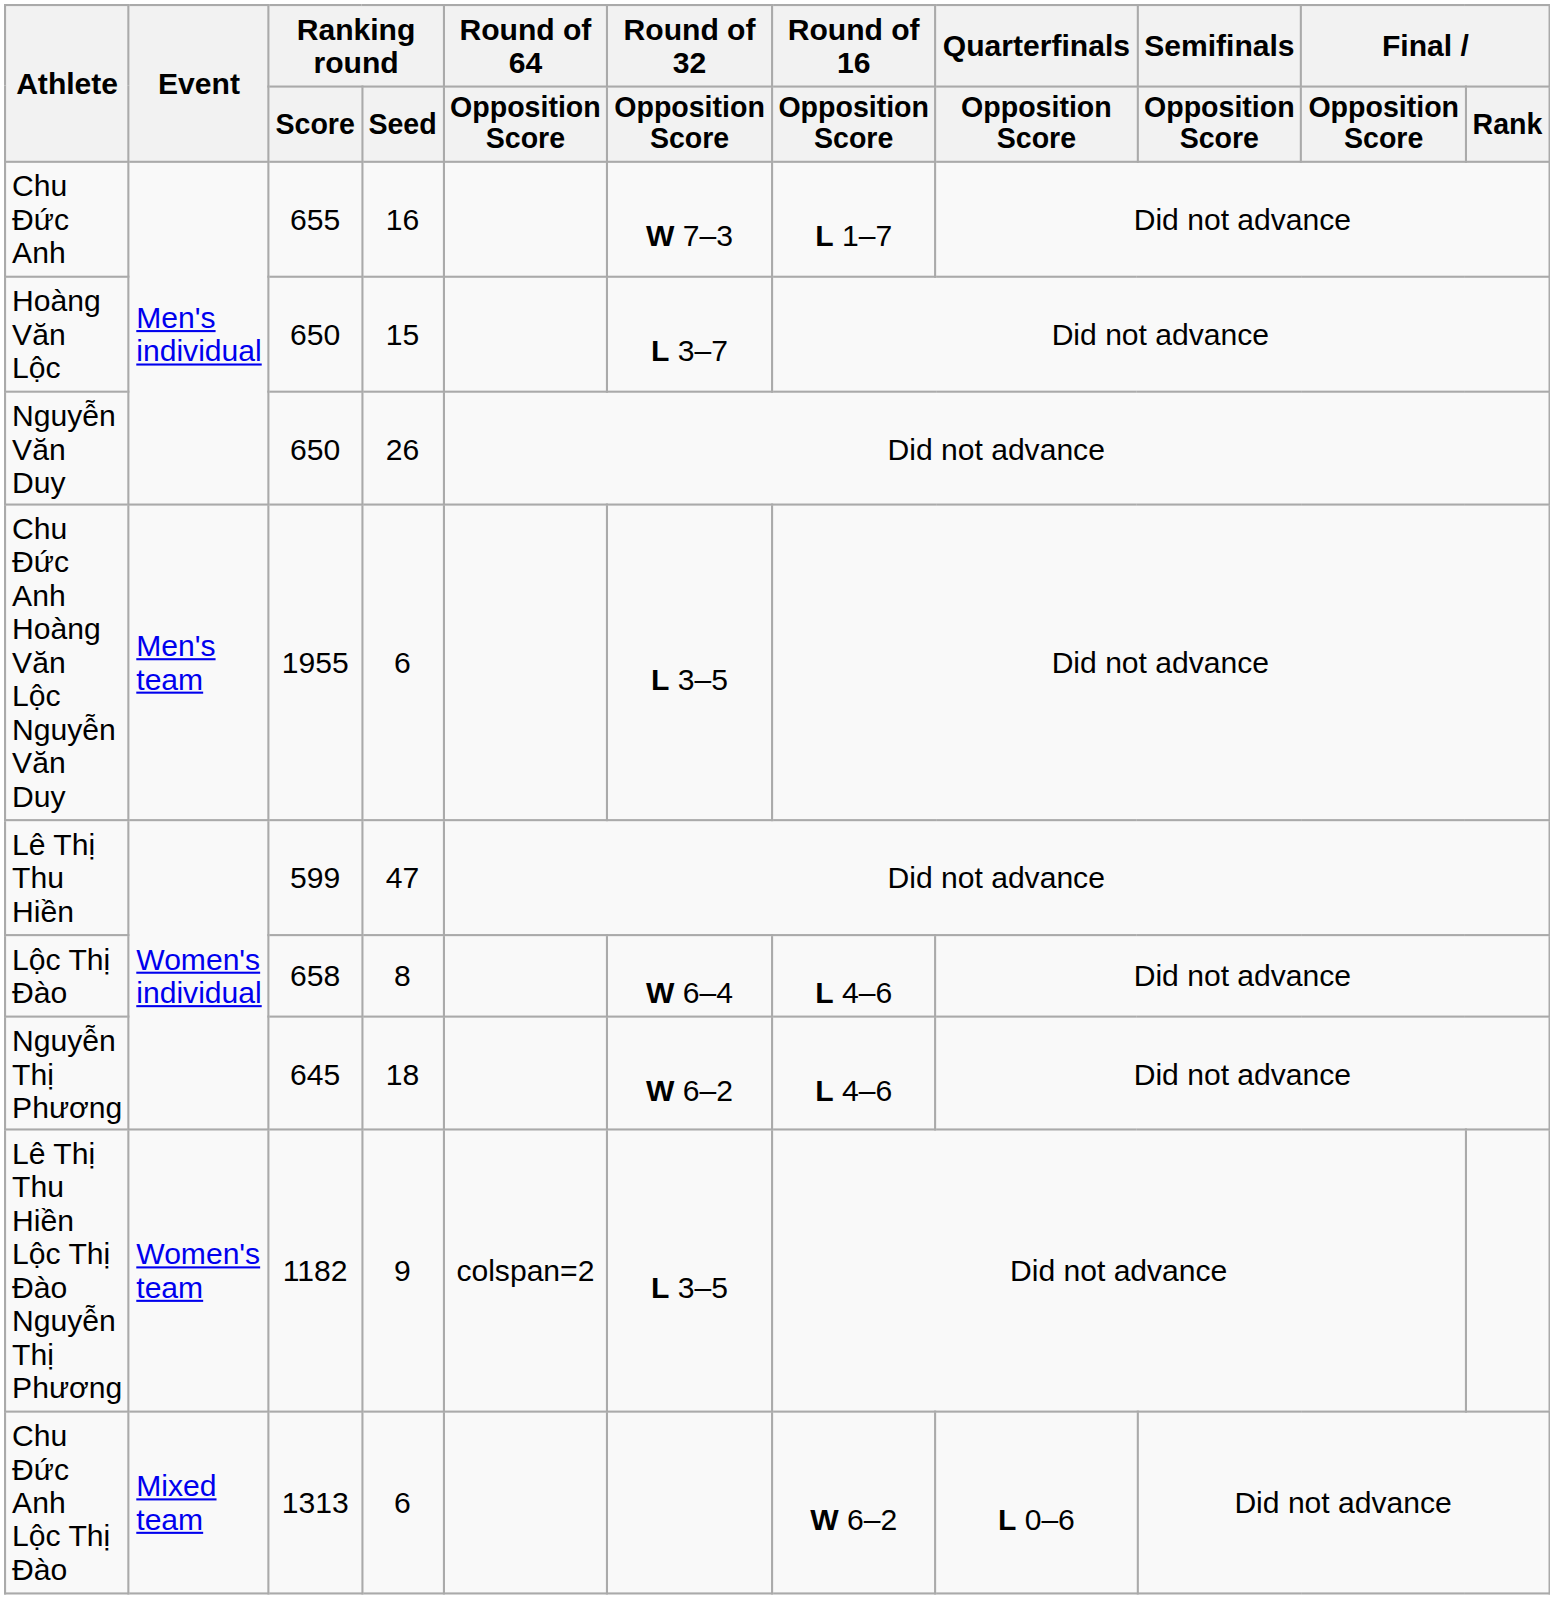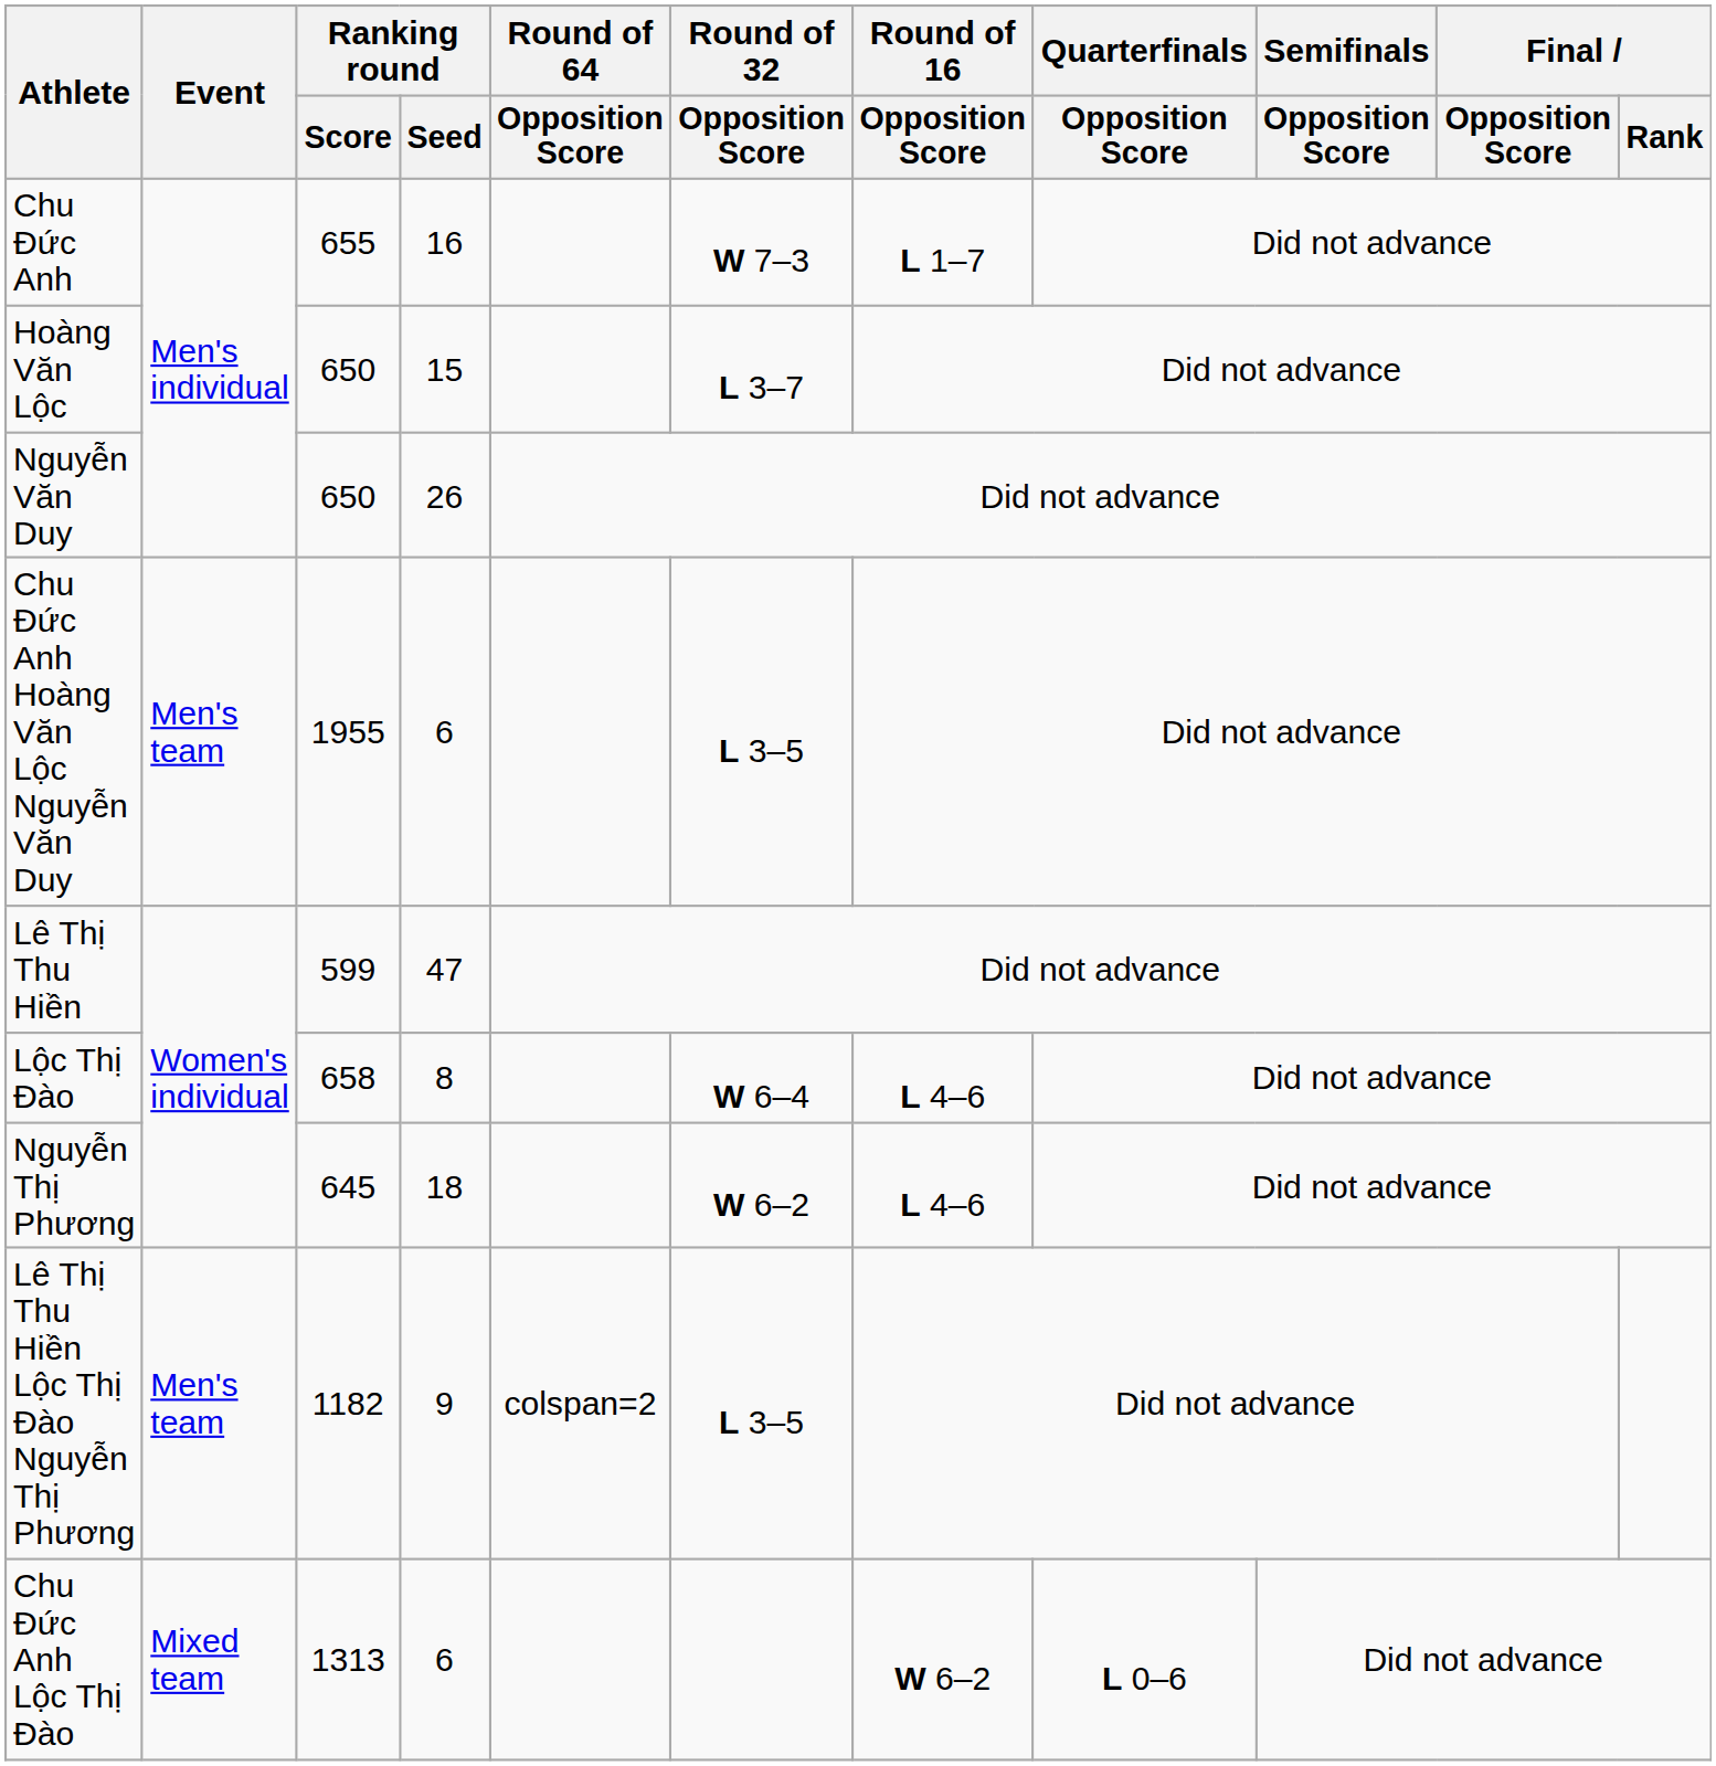 <table class="wikitable" style="font-size:90%; text-align:center;">
 <tr>
 <th rowspan="2">Athlete</th>
 <th rowspan="2">Event</th>
 <th colspan="2">Ranking round</th>
 <th>Round of 64</th>
 <th>Round of 32</th>
 <th>Round of 16</th>
 <th>Quarterfinals</th>
 <th>Semifinals</th>
 <th colspan=2>Final / </th>
 </tr>
 <tr style=font-size:95%>
 <th>Score</th>
 <th>Seed</th>
 <th>Opposition<br>Score</th>
 <th>Opposition<br>Score</th>
 <th>Opposition<br>Score</th>
 <th>Opposition<br>Score</th>
 <th>Opposition<br>Score</th>
 <th>Opposition<br>Score</th>
 <th>Rank</th>
 </tr>
 <tr>
 <td align=left>Chu Đức Anh</td>
 <td align=left rowspan=3><a href='#'>Men's individual</a></td>
 <td>655</td>
 <td>16</td>
 <td></td>
 <td><br><strong>W</strong> 7–3</td>
 <td><br><strong>L</strong> 1–7</td>
 <td colspan=4>Did not advance</td>
 </tr>
 <tr>
 <td align=left>Hoàng Văn Lộc</td>
 <td>650</td>
 <td>15</td>
 <td></td>
 <td><br><strong>L</strong> 3–7</td>
 <td colspan=5>Did not advance</td>
 </tr>
 <tr>
 <td align=left>Nguyễn Văn Duy</td>
 <td>650</td>
 <td>26</td>
 <td colspan=7>Did not advance</td>
 </tr>
 <tr>
 <td align=left>Chu Đức Anh<br>Hoàng Văn Lộc<br>Nguyễn Văn Duy</td>
 <td align=left><a href='#'>Men's team</a></td>
 <td>1955</td>
 <td>6</td>
 <td></td>
 <td><br><strong>L</strong> 3–5</td>
 <td colspan=5>Did not advance</td>
 </tr>
 <tr>
 <td align=left>Lê Thị Thu Hiền</td>
 <td align=left rowspan=3><a href='#'>Women's individual</a></td>
 <td>599</td>
 <td>47</td>
 <td colspan=7>Did not advance</td>
 </tr>
 <tr>
 <td align=left>Lộc Thị Đào</td>
 <td>658</td>
 <td>8</td>
 <td></td>
 <td><br><strong>W</strong> 6–4</td>
 <td><br><strong>L</strong> 4–6</td>
 <td colspan=4>Did not advance</td>
 </tr>
 <tr>
 <td align=left>Nguyễn Thị Phương</td>
 <td>645</td>
 <td>18</td>
 <td></td>
 <td><br><strong>W</strong> 6–2</td>
 <td><br><strong>L</strong> 4–6</td>
 <td colspan=4>Did not advance</td>
 </tr>
 <tr>
 <td align=left>Lê Thị Thu Hiền<br>Lộc Thị Đào<br>Nguyễn Thị Phương</td>
-<td align=left><a href='#'>Women's team</a></td>
+<td align=left><a href='#'>Men's team</a></td>
 <td>1182</td>
 <td>9</td>
 <td>colspan=2</td>
 <td><br><strong>L</strong> 3–5</td>
 <td colspan=4>Did not advance</td>
 </tr>
 <tr>
 <td align=left>Chu Đức Anh<br>Lộc Thị Đào</td>
 <td align=left><a href='#'>Mixed team</a></td>
 <td>1313</td>
 <td>6</td>
 <td></td>
 <td></td>
 <td><br><strong>W</strong> 6–2</td>
 <td><br><strong>L</strong> 0–6</td>
 <td colspan=3>Did not advance</td>
 </tr>
 </table>
